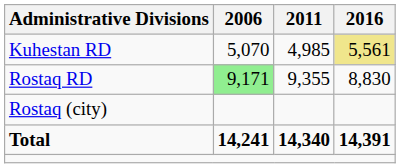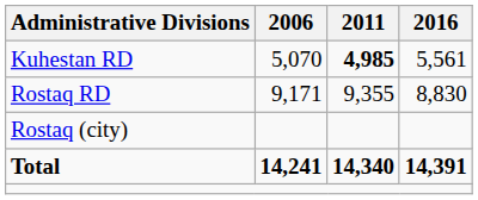 <table class="wikitable">
 <tr>
 <th>Administrative Divisions</th>
 <th>2006</th>
 <th>2011</th>
 <th>2016</th>
 </tr>
 <tr>
 <td><a href='#'>Kuhestan RD</a></td>
 <td style="text-align: right;">5,070</td>
-<td style="text-align: right;">4,985</td>
-<td style="background: khaki; text-align: right;">5,561</td>
+<td style="text-align: right;"><strong>4,985</strong></td>
+<td style="text-align: right;">5,561</td>
 </tr>
 <tr>
 <td><a href='#'>Rostaq RD</a></td>
-<td style="background: lightgreen; text-align: right;">9,171</td>
+<td style="text-align: right;">9,171</td>
 <td style="text-align: right;">9,355</td>
 <td style="text-align: right;">8,830</td>
 </tr>
 <tr>
 <td><a href='#'>Rostaq</a> (city)</td>
 <td style="text-align: right;"></td>
 <td style="text-align: right;"></td>
 <td style="text-align: right;"></td>
 </tr>
 <tr>
 <td><strong>Total</strong></td>
 <td style="text-align: right;"><strong>14,241</strong></td>
 <td style="text-align: right;"><strong>14,340</strong></td>
 <td style="text-align: right;"><strong>14,391</strong></td>
 </tr>
 <tr>
 <td colspan=4></td>
 </tr>
 </table>
